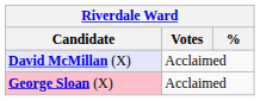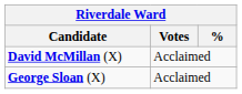 <table class="wikitable">
 <tr>
 <th colspan="3"><a href='#'>Riverdale Ward</a></th>
 </tr>
 <tr>
 <th style="width: 170px">Candidate</th>
 <th style="width: 50px">Votes</th>
 <th style="width: 40px">%</th>
 </tr>
 <tr>
-<td style="background: lavender;"><strong><a href='#'>David McMillan</a></strong> (X)</td>
+<td><strong><a href='#'>David McMillan</a></strong> (X)</td>
 <td colspan="2">Acclaimed</td>
 </tr>
 <tr>
-<td style="background: pink;"><strong><a href='#'>George Sloan</a></strong> (X)</td>
+<td><strong><a href='#'>George Sloan</a></strong> (X)</td>
 <td colspan="2">Acclaimed</td>
 </tr>
 </table>
